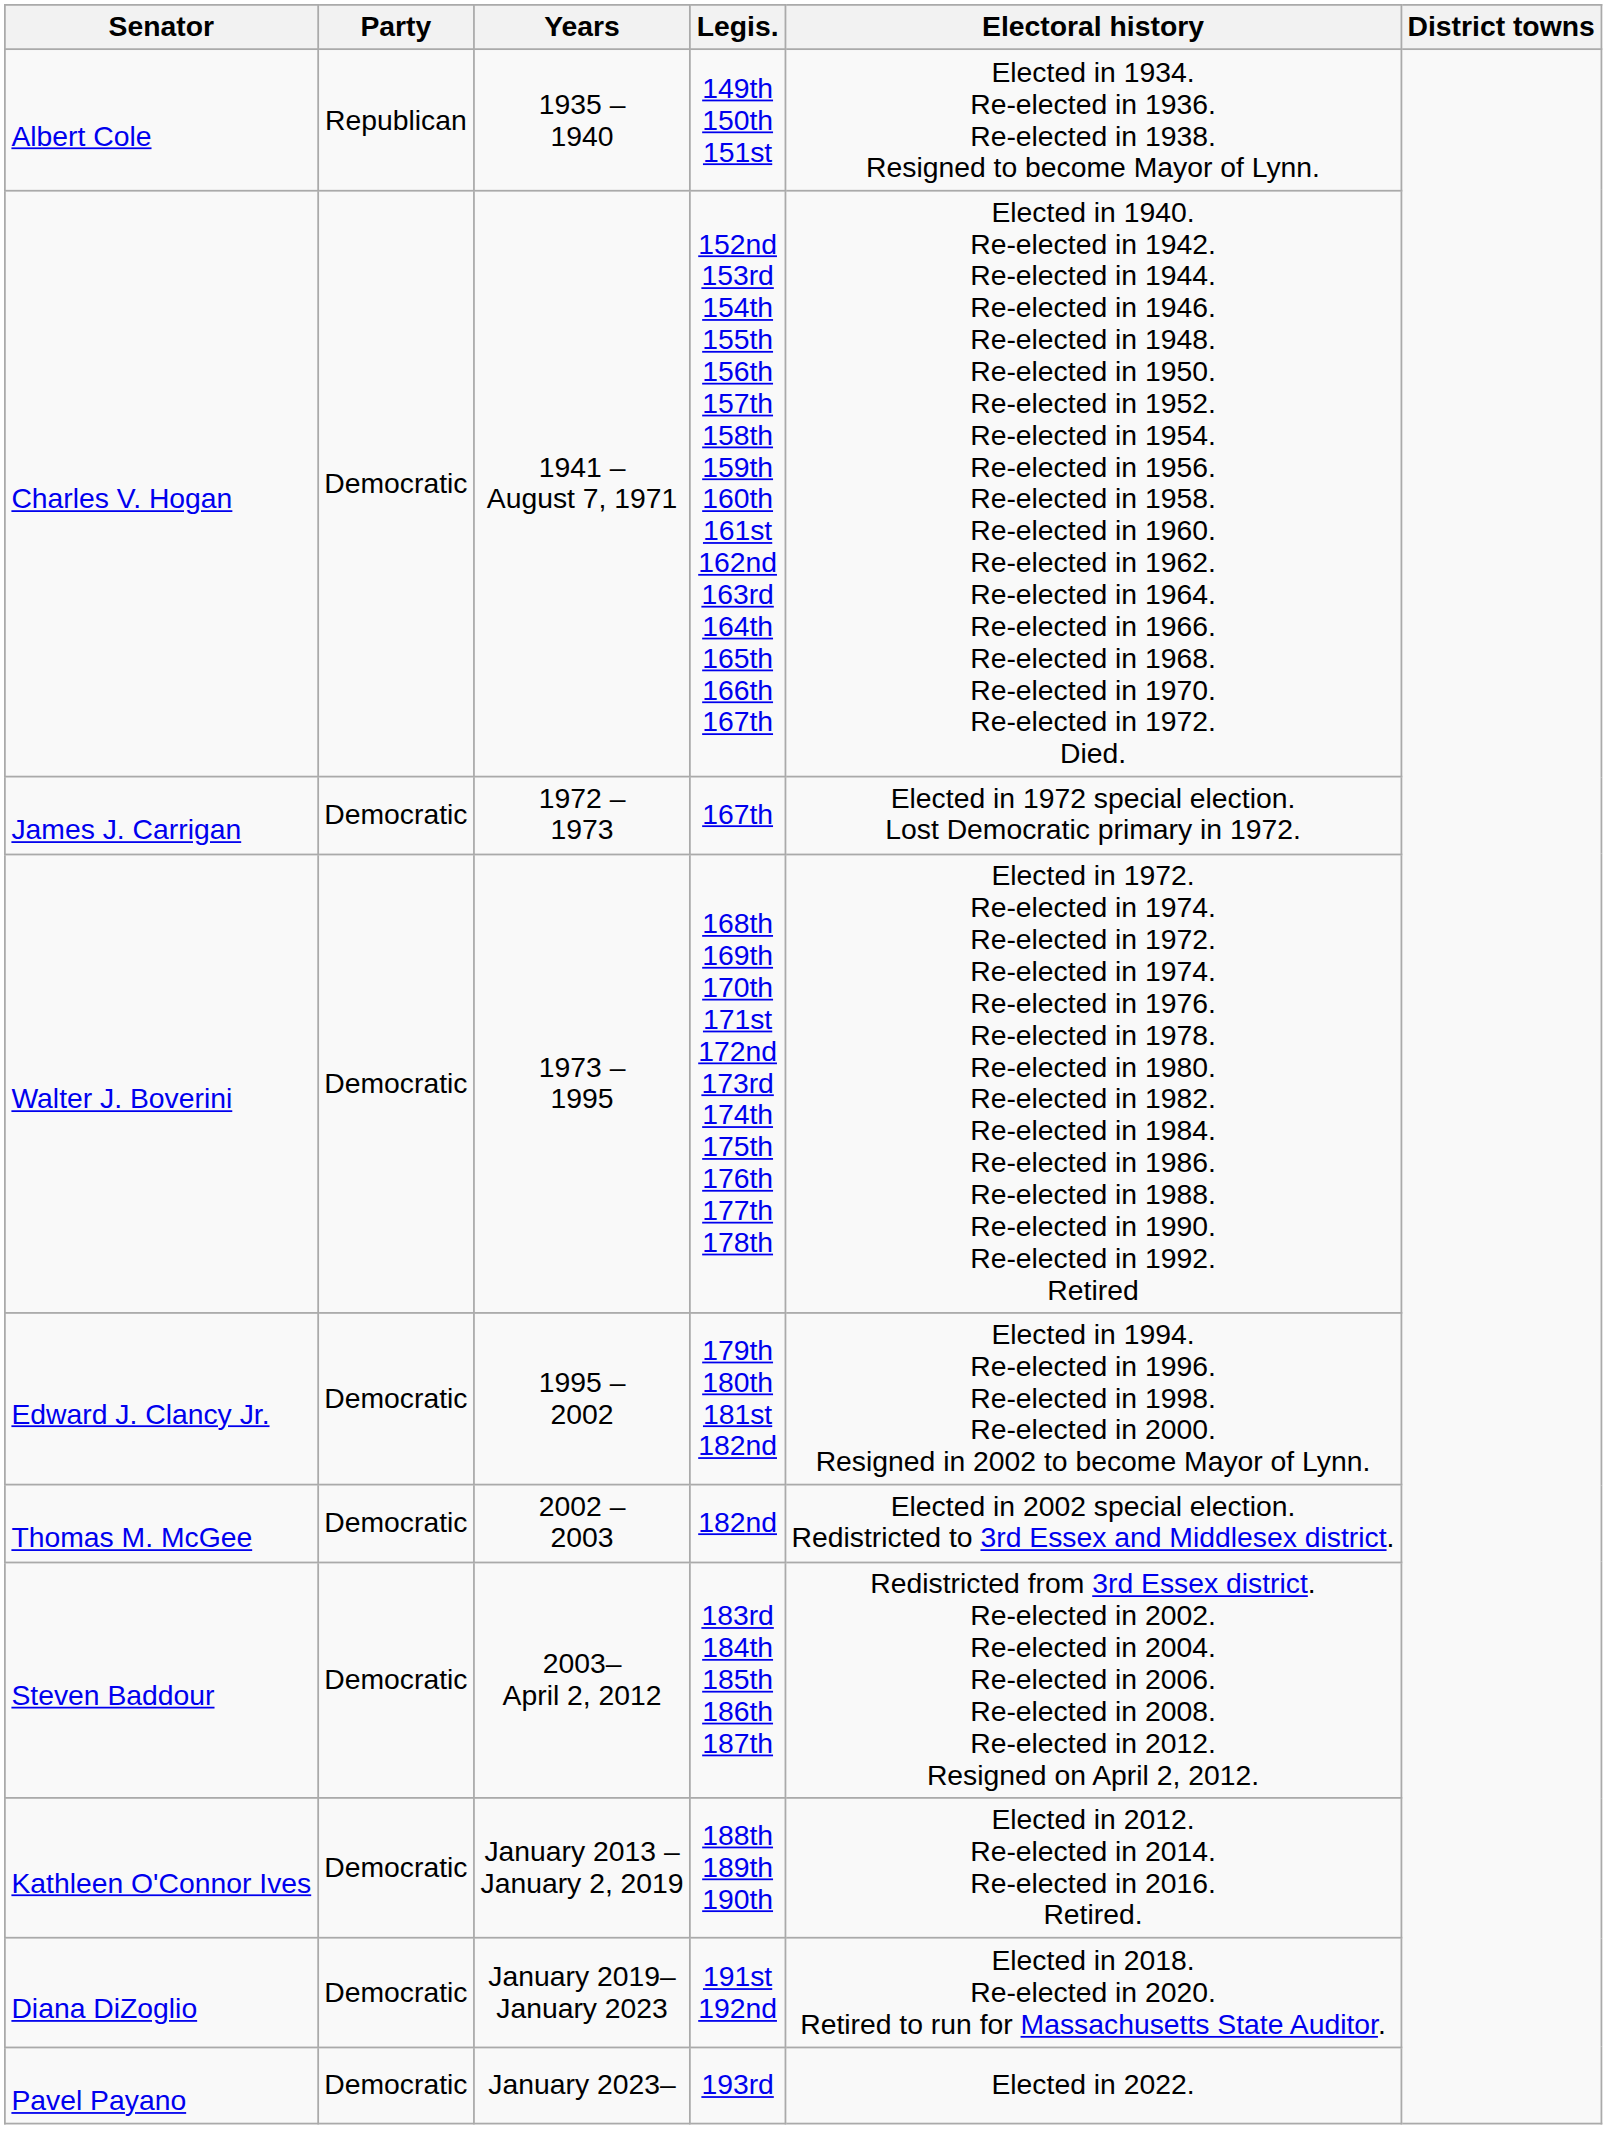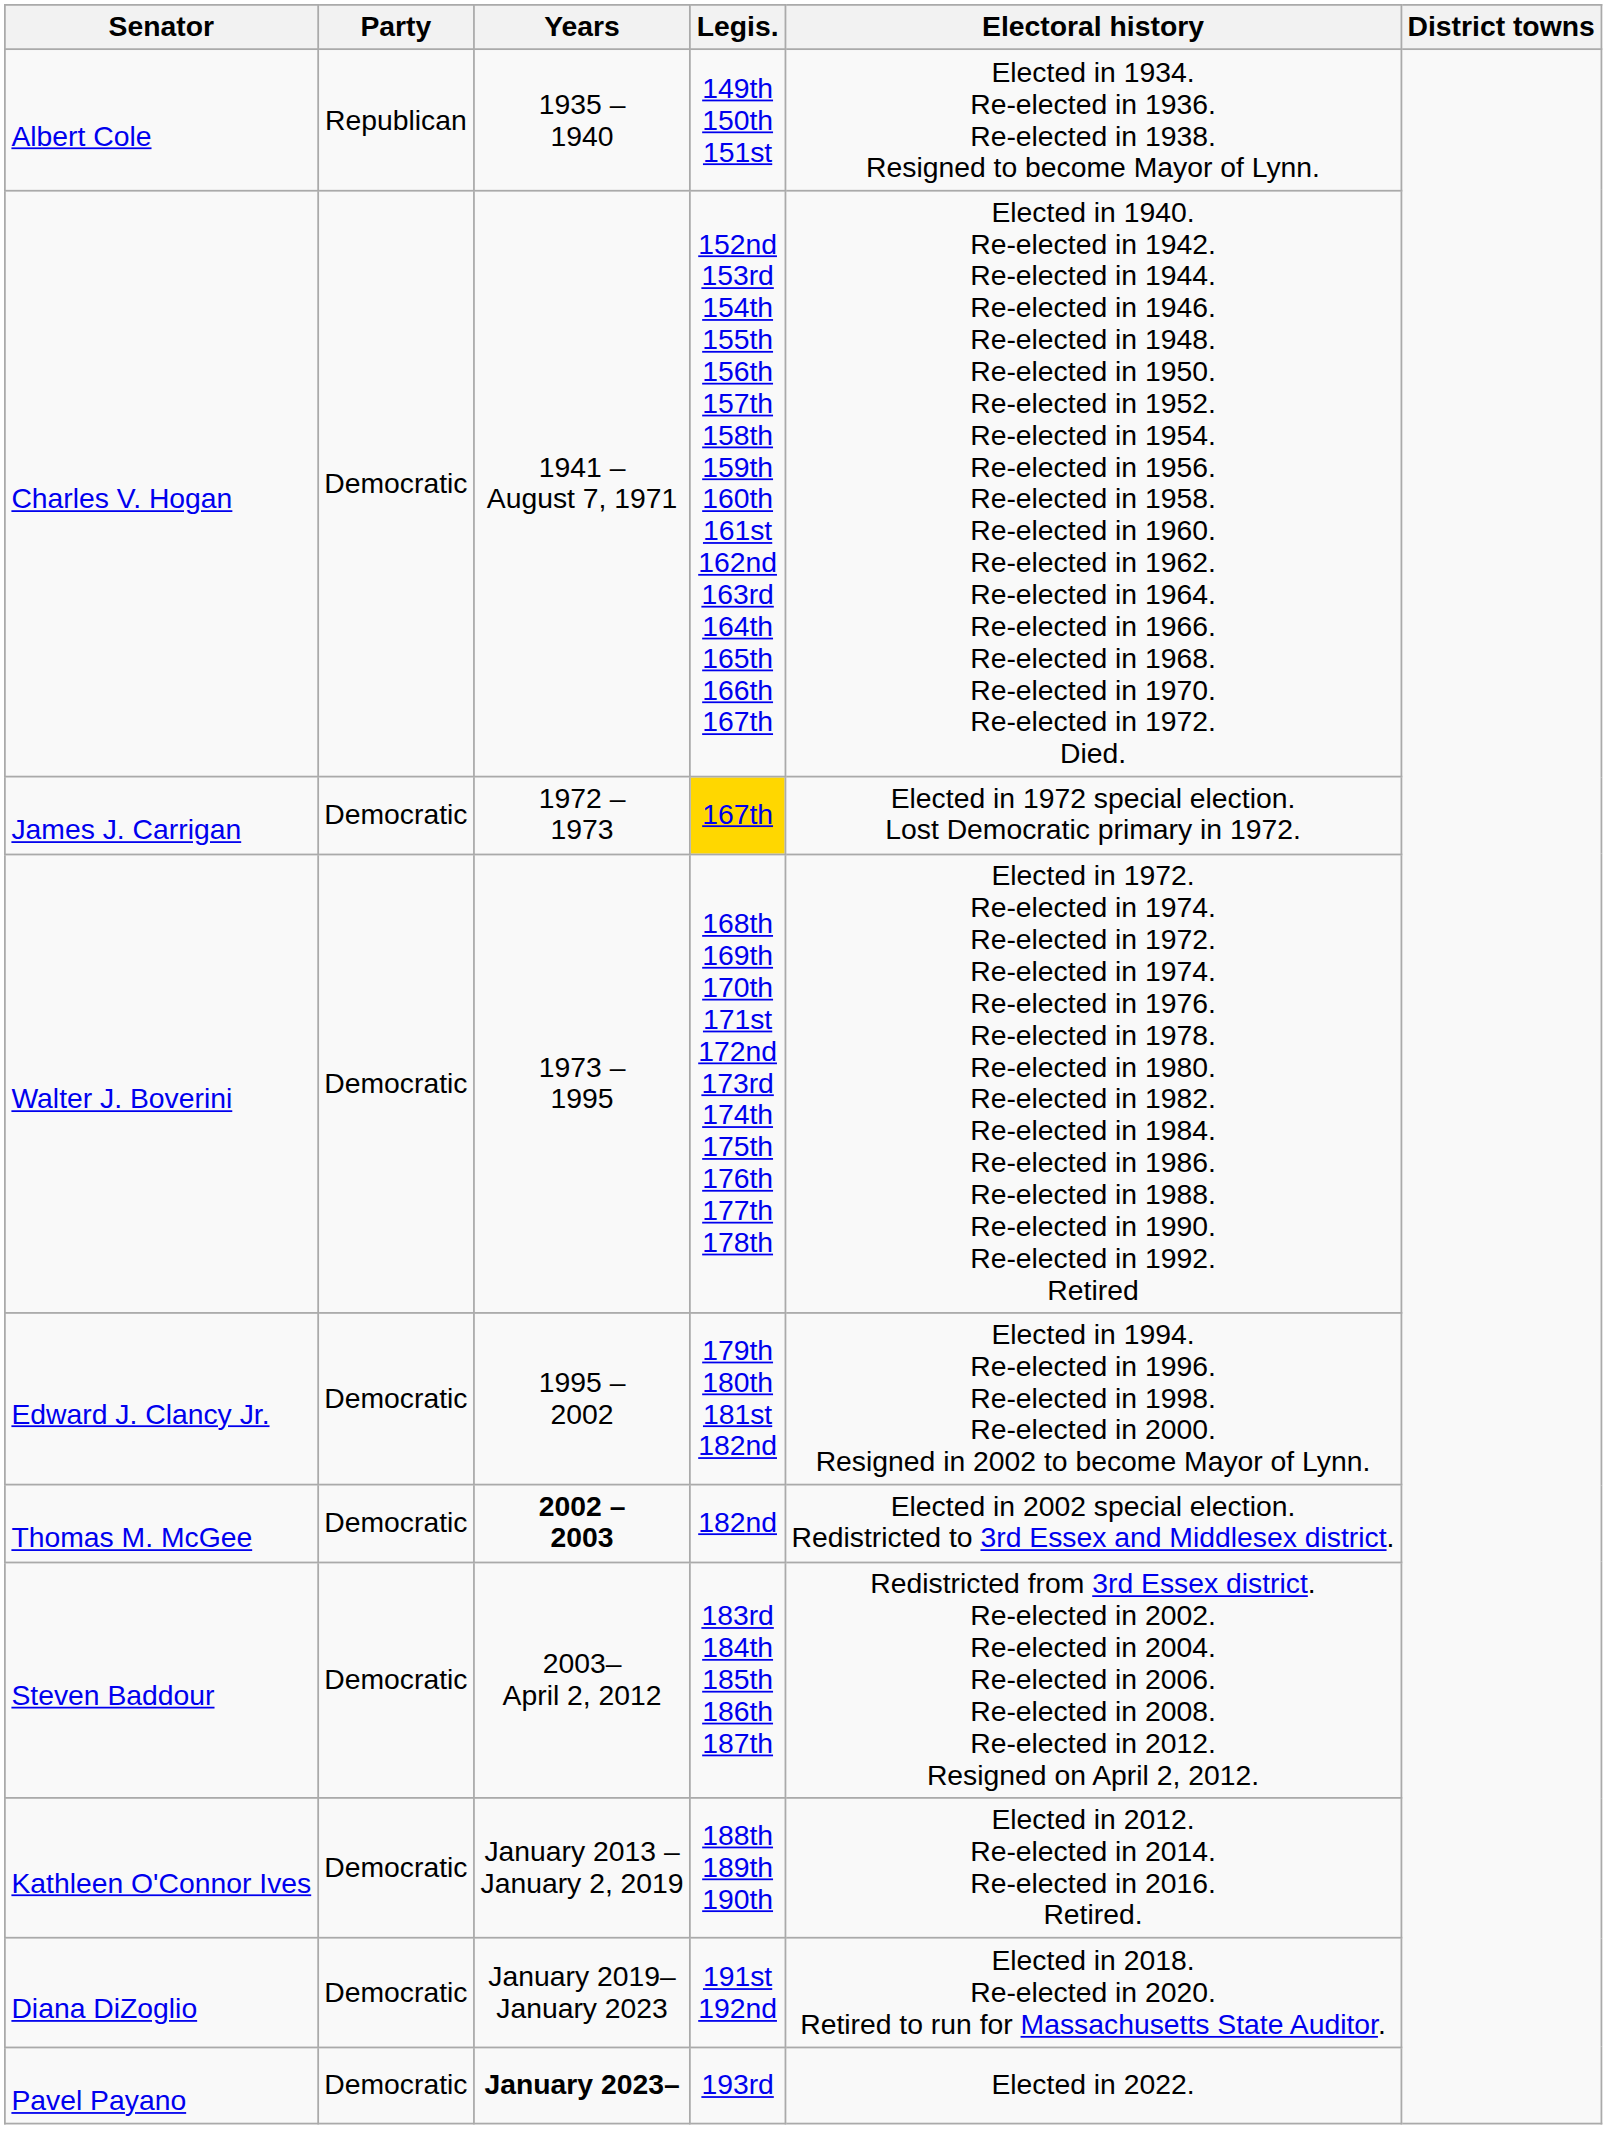 <table class=wikitable style="text-align:center">
 <tr>
 <th>Senator</th>
 <th>Party</th>
 <th>Years</th>
 <th>Legis.</th>
 <th>Electoral history</th>
 <th>District towns</th>
 </tr>
 <tr>
 <td align=left nowrap><br><a href='#'>Albert Cole</a></td>
 <td>Republican</td>
 <td>1935 –<br>1940</td>
 <td><a href='#'>149th</a><br><a href='#'>150th</a><br><a href='#'>151st</a></td>
 <td>Elected in 1934.<br>Re-elected in 1936.<br>Re-elected in 1938.<br>Resigned to become Mayor of Lynn.</td>
 </tr>
 <tr>
 <td align=left nowrap><br><a href='#'>Charles V. Hogan</a></td>
 <td>Democratic</td>
 <td>1941 –<br>August 7, 1971</td>
 <td><a href='#'>152nd</a><br><a href='#'>153rd</a><br><a href='#'>154th</a><br><a href='#'>155th</a><br><a href='#'>156th</a><br><a href='#'>157th</a><br><a href='#'>158th</a><br><a href='#'>159th</a><br><a href='#'>160th</a><br><a href='#'>161st</a><br><a href='#'>162nd</a><br><a href='#'>163rd</a><br><a href='#'>164th</a><br><a href='#'>165th</a><br><a href='#'>166th</a><br><a href='#'>167th</a></td>
 <td>Elected in 1940.<br>Re-elected in 1942.<br>Re-elected in 1944.<br>Re-elected in 1946.<br>Re-elected in 1948.<br>Re-elected in 1950.<br>Re-elected in 1952.<br>Re-elected in 1954.<br>Re-elected in 1956.<br>Re-elected in 1958.<br>Re-elected in 1960.<br>Re-elected in 1962.<br>Re-elected in 1964.<br>Re-elected in 1966.<br>Re-elected in 1968.<br>Re-elected in 1970.<br>Re-elected in 1972.<br>Died.</td>
 </tr>
 <tr>
 <td align=left nowrap><br><a href='#'>James J. Carrigan</a></td>
 <td>Democratic</td>
 <td>1972 –<br>1973</td>
-<td><a href='#'>167th</a></td>
+<td style="background: gold;"><a href='#'>167th</a></td>
 <td>Elected in 1972 special election.<br>Lost Democratic primary in 1972.</td>
 </tr>
 <tr>
 <td align=left nowrap><br><a href='#'>Walter J. Boverini</a></td>
 <td>Democratic</td>
 <td>1973 –<br>1995</td>
 <td><a href='#'>168th</a><br><a href='#'>169th</a><br><a href='#'>170th</a><br><a href='#'>171st</a><br><a href='#'>172nd</a><br><a href='#'>173rd</a><br><a href='#'>174th</a><br><a href='#'>175th</a><br><a href='#'>176th</a><br><a href='#'>177th</a><br><a href='#'>178th</a></td>
 <td>Elected in 1972.<br>Re-elected in 1974.<br>Re-elected in 1972.<br>Re-elected in 1974.<br>Re-elected in 1976.<br>Re-elected in 1978.<br>Re-elected in 1980.<br>Re-elected in 1982.<br>Re-elected in 1984.<br>Re-elected in 1986.<br>Re-elected in 1988.<br>Re-elected in 1990.<br>Re-elected in 1992.<br>Retired</td>
 </tr>
 <tr>
 <td align=left nowrap><br><a href='#'>Edward J. Clancy Jr.</a></td>
 <td>Democratic</td>
 <td>1995 –<br>2002</td>
 <td><a href='#'>179th</a><br><a href='#'>180th</a><br><a href='#'>181st</a><br><a href='#'>182nd</a></td>
 <td>Elected in 1994.<br>Re-elected in 1996.<br>Re-elected in 1998.<br>Re-elected in 2000.<br>Resigned in 2002 to become Mayor of Lynn.</td>
 </tr>
 <tr>
 <td align=left nowrap><br><a href='#'>Thomas M. McGee</a></td>
 <td>Democratic</td>
-<td>2002 –<br>2003</td>
+<td><strong>2002 –<br>2003</strong></td>
 <td><a href='#'>182nd</a></td>
 <td>Elected in 2002 special election.<br>Redistricted to <a href='#'>3rd Essex and Middlesex district</a>.</td>
 </tr>
 <tr>
 <td align=left nowrap><br><a href='#'>Steven Baddour</a></td>
 <td>Democratic</td>
 <td>2003–<br>April 2, 2012</td>
 <td><a href='#'>183rd</a><br><a href='#'>184th</a><br><a href='#'>185th</a><br><a href='#'>186th</a><br><a href='#'>187th</a></td>
 <td>Redistricted from <a href='#'>3rd Essex district</a>.<br>Re-elected in 2002.<br>Re-elected in 2004.<br>Re-elected in 2006.<br>Re-elected in 2008.<br>Re-elected in 2012.<br>Resigned on April 2, 2012.</td>
 </tr>
 <tr>
 <td align=left nowrap><br><a href='#'>Kathleen O'Connor Ives</a></td>
 <td>Democratic</td>
 <td>January 2013 –<br>January 2, 2019</td>
 <td><a href='#'>188th</a><br><a href='#'>189th</a><br><a href='#'>190th</a></td>
 <td>Elected in 2012.<br>Re-elected in 2014.<br>Re-elected in 2016.<br>Retired.</td>
 </tr>
 <tr>
 <td align=left nowrap><br><a href='#'>Diana DiZoglio</a></td>
 <td>Democratic</td>
 <td>January 2019–<br>January 2023</td>
 <td><a href='#'>191st</a><br><a href='#'>192nd</a></td>
 <td>Elected in 2018.<br>Re-elected in 2020.<br>Retired to run for <a href='#'>Massachusetts State Auditor</a>.</td>
 </tr>
 <tr>
 <td align=left nowrap><br><a href='#'>Pavel Payano</a></td>
 <td>Democratic</td>
-<td>January 2023–<br></td>
+<td><strong>January 2023–<br></strong></td>
 <td><a href='#'>193rd</a></td>
 <td>Elected in 2022.</td>
 </tr>
 </table>
